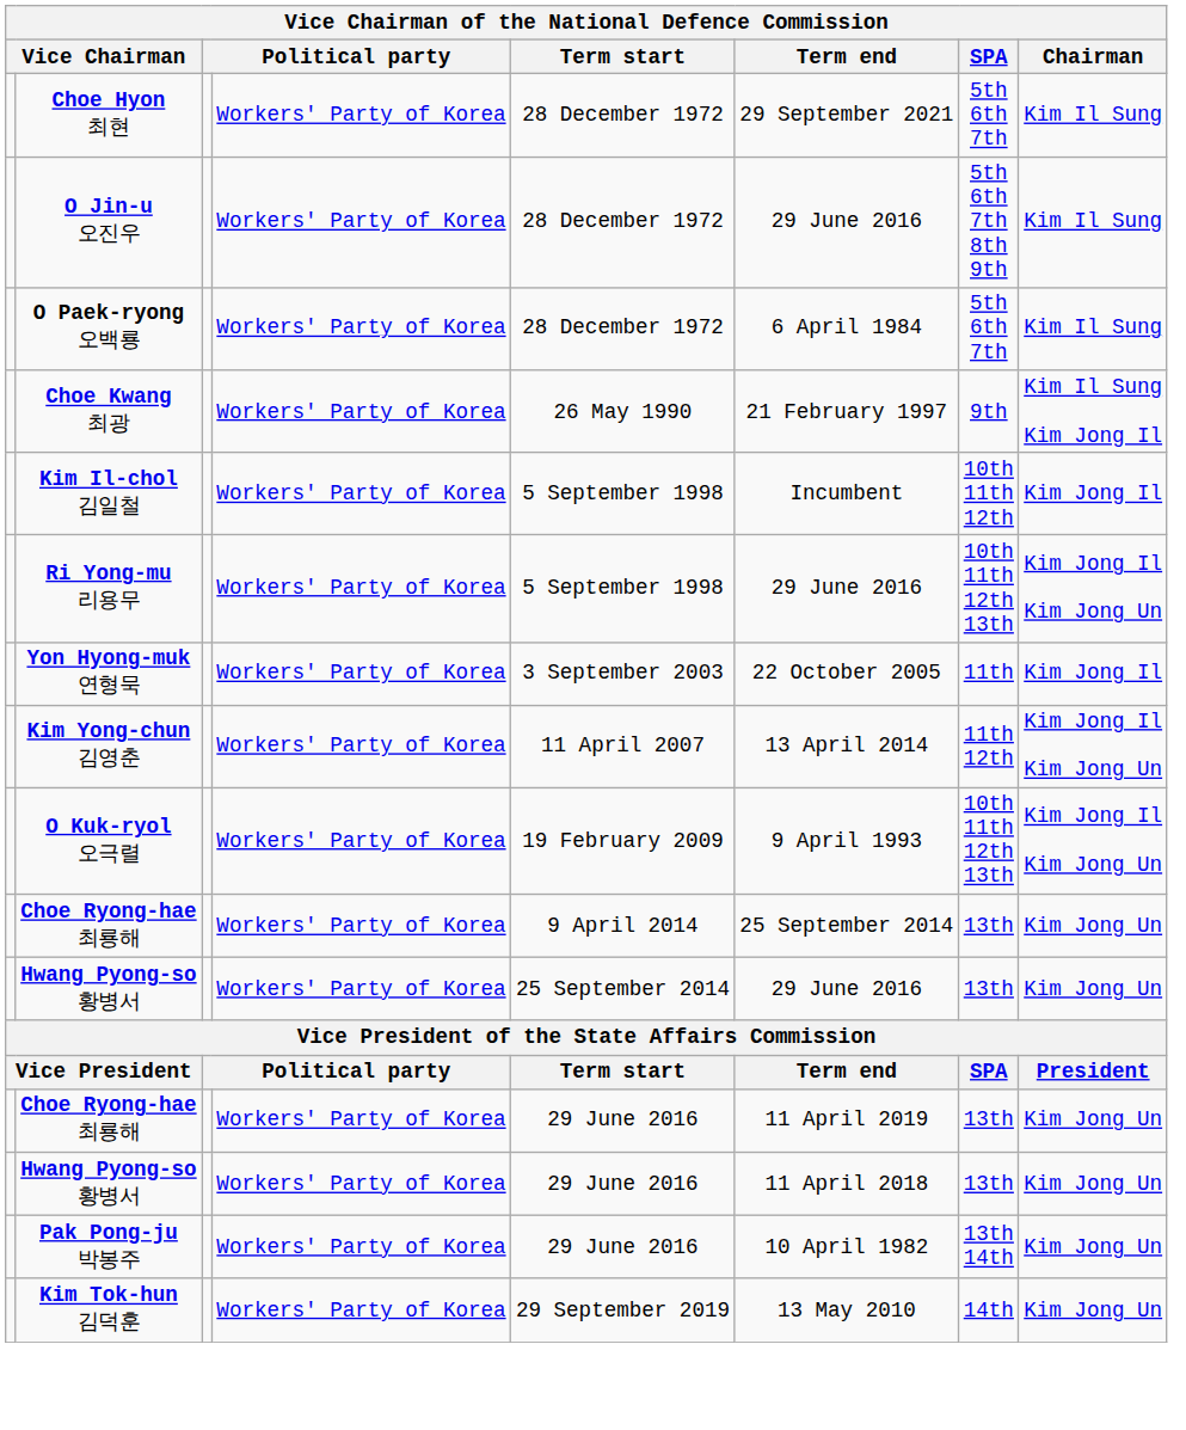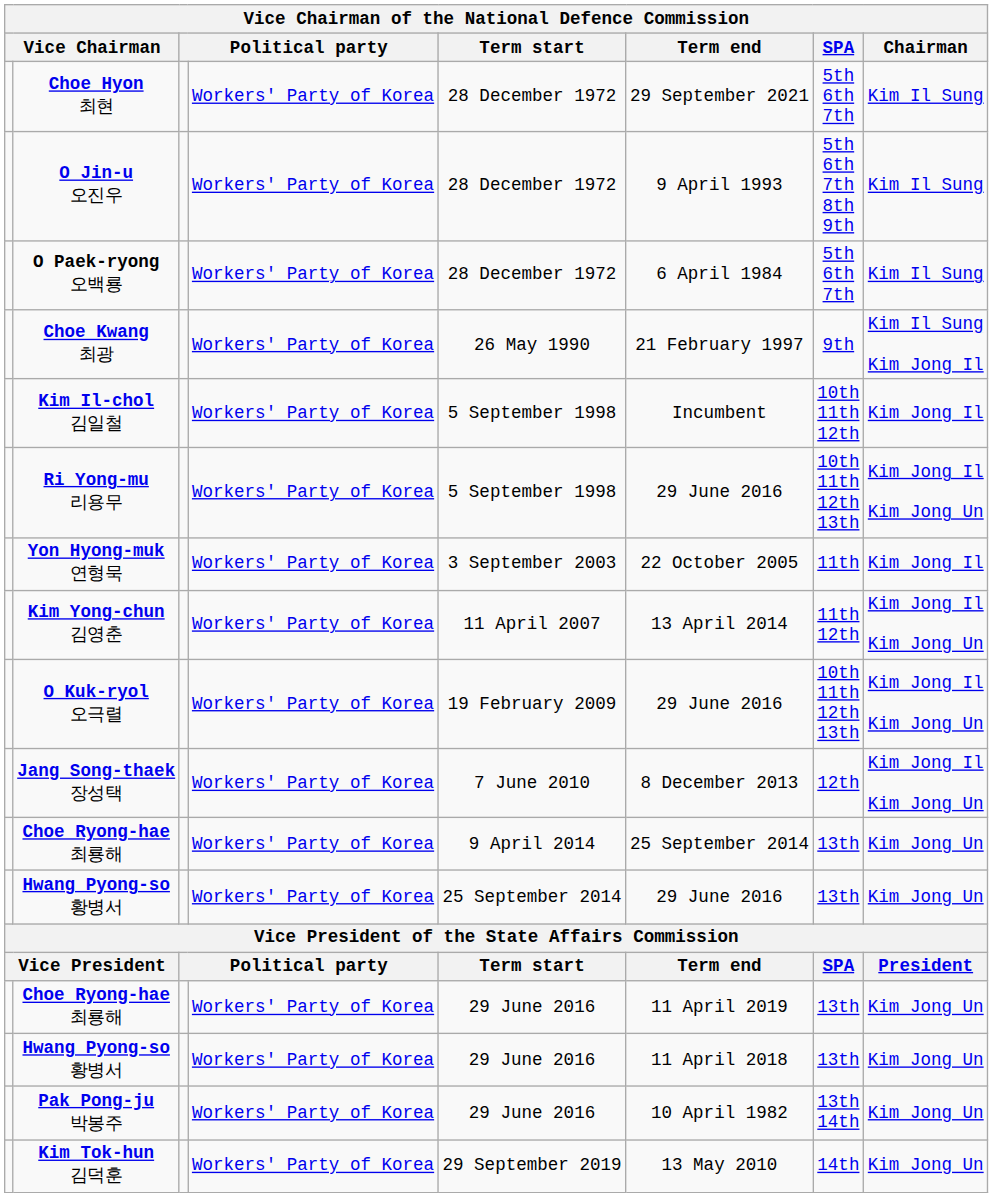 <table class="wikitable" style="text-align:center; border:1px #AAAAFF solid">
 <tr>
 <th colspan="8">Vice Chairman of the National Defence Commission<br></th>
 </tr>
 <tr style="background:#cccccc">
 <th colspan="2">Vice Chairman</th>
 <th colspan="2">Political party</th>
 <th>Term start</th>
 <th>Term end</th>
 <th><a href='#'>SPA</a></th>
 <th>Chairman</th>
 </tr>
 <tr>
 <td></td>
 <td><strong><a href='#'>Choe Hyon</a></strong><br>최현<br></td>
 <td style="background:"></td>
 <td><a href='#'>Workers' Party of Korea</a></td>
 <td>28 December 1972</td>
 <td>29 September 2021</td>
 <td><a href='#'>5th</a><br><a href='#'>6th</a><br><a href='#'>7th</a></td>
 <td><a href='#'>Kim Il Sung</a></td>
 </tr>
 <tr>
 <td></td>
 <td><strong><a href='#'>O Jin-u</a></strong><br>오진우<br></td>
 <td style="background:"></td>
 <td><a href='#'>Workers' Party of Korea</a></td>
 <td>28 December 1972</td>
-<td>29 June 2016</td>
+<td>9 April 1993</td>
 <td><a href='#'>5th</a><br><a href='#'>6th</a><br><a href='#'>7th</a><br><a href='#'>8th</a><br><a href='#'>9th</a></td>
 <td><a href='#'>Kim Il Sung</a></td>
 </tr>
 <tr>
 <td></td>
 <td><strong>O Paek-ryong</strong><br>오백룡<br></td>
 <td style="background:"></td>
 <td><a href='#'>Workers' Party of Korea</a></td>
 <td>28 December 1972</td>
 <td>6 April 1984</td>
 <td><a href='#'>5th</a><br><a href='#'>6th</a><br><a href='#'>7th</a></td>
 <td><a href='#'>Kim Il Sung</a></td>
 </tr>
 <tr>
 <td></td>
 <td><strong><a href='#'>Choe Kwang</a></strong><br>최광<br></td>
 <td style="background:"></td>
 <td><a href='#'>Workers' Party of Korea</a></td>
 <td>26 May 1990</td>
 <td>21 February 1997</td>
 <td><a href='#'>9th</a></td>
 <td><a href='#'>Kim Il Sung</a><br><br><a href='#'>Kim Jong Il</a><br></td>
 </tr>
 <tr>
 <td></td>
 <td><strong><a href='#'>Kim Il-chol</a></strong><br>김일철<br></td>
 <td style="background:"></td>
 <td><a href='#'>Workers' Party of Korea</a></td>
 <td>5 September 1998</td>
 <td>Incumbent</td>
 <td><a href='#'>10th</a><br><a href='#'>11th</a><br><a href='#'>12th</a></td>
 <td><a href='#'>Kim Jong Il</a></td>
 </tr>
 <tr>
 <td></td>
 <td><strong><a href='#'>Ri Yong-mu</a></strong><br>리용무<br></td>
 <td style="background:"></td>
 <td><a href='#'>Workers' Party of Korea</a></td>
 <td>5 September 1998</td>
 <td>29 June 2016</td>
 <td><a href='#'>10th</a><br><a href='#'>11th</a><br><a href='#'>12th</a><br><a href='#'>13th</a></td>
 <td><a href='#'>Kim Jong Il</a><br><br><a href='#'>Kim Jong Un</a><br></td>
 </tr>
 <tr>
 <td></td>
 <td><strong><a href='#'>Yon Hyong-muk</a></strong><br>연형묵<br></td>
 <td style="background:"></td>
 <td><a href='#'>Workers' Party of Korea</a></td>
 <td>3 September 2003</td>
 <td>22 October 2005</td>
 <td><a href='#'>11th</a></td>
 <td><a href='#'>Kim Jong Il</a></td>
 </tr>
 <tr>
 <td></td>
 <td><strong><a href='#'>Kim Yong-chun</a></strong><br>김영춘<br></td>
 <td style="background:"></td>
 <td><a href='#'>Workers' Party of Korea</a></td>
 <td>11 April 2007</td>
 <td>13 April 2014</td>
 <td><a href='#'>11th</a><br><a href='#'>12th</a></td>
 <td><a href='#'>Kim Jong Il</a><br><br><a href='#'>Kim Jong Un</a><br></td>
 </tr>
 <tr>
 <td></td>
 <td><strong><a href='#'>O Kuk-ryol</a></strong><br>오극렬<br></td>
 <td style="background:"></td>
 <td><a href='#'>Workers' Party of Korea</a></td>
 <td>19 February 2009</td>
-<td>9 April 1993</td>
+<td>29 June 2016</td>
 <td><a href='#'>10th</a><br><a href='#'>11th</a><br><a href='#'>12th</a><br><a href='#'>13th</a></td>
+<td><a href='#'>Kim Jong Il</a><br><br><a href='#'>Kim Jong Un</a><br></td>
+</tr>
+<tr>
+<td></td>
+<td><strong><a href='#'>Jang Song-thaek</a></strong><br>장성택<br></td>
+<td style="background:"></td>
+<td><a href='#'>Workers' Party of Korea</a></td>
+<td>7 June 2010</td>
+<td>8 December 2013</td>
+<td><a href='#'>12th</a></td>
 <td><a href='#'>Kim Jong Il</a><br><br><a href='#'>Kim Jong Un</a><br></td>
 </tr>
 <tr>
 <td></td>
 <td><strong><a href='#'>Choe Ryong-hae</a></strong><br>최룡해<br></td>
 <td style="background:"></td>
 <td><a href='#'>Workers' Party of Korea</a></td>
 <td>9 April 2014</td>
 <td>25 September 2014</td>
 <td><a href='#'>13th</a></td>
 <td><a href='#'>Kim Jong Un</a></td>
 </tr>
 <tr>
 <td></td>
 <td><strong><a href='#'>Hwang Pyong-so</a></strong><br>황병서<br></td>
 <td style="background:"></td>
 <td><a href='#'>Workers' Party of Korea</a></td>
 <td>25 September 2014</td>
 <td>29 June 2016</td>
 <td><a href='#'>13th</a></td>
 <td><a href='#'>Kim Jong Un</a></td>
 </tr>
 <tr>
 <th colspan="8">Vice President of the State Affairs Commission<br></th>
 </tr>
 <tr>
 <th colspan="2">Vice President</th>
 <th colspan="2">Political party</th>
 <th>Term start</th>
 <th>Term end</th>
 <th><a href='#'>SPA</a></th>
 <th><a href='#'>President</a></th>
 </tr>
 <tr>
 <td></td>
 <td><strong><a href='#'>Choe Ryong-hae</a></strong><br>최룡해<br></td>
 <td style="background:"></td>
 <td><a href='#'>Workers' Party of Korea</a></td>
 <td>29 June 2016</td>
 <td>11 April 2019</td>
 <td><a href='#'>13th</a></td>
 <td><a href='#'>Kim Jong Un</a></td>
 </tr>
 <tr>
 <td></td>
 <td><strong><a href='#'>Hwang Pyong-so</a></strong><br>황병서<br></td>
 <td style="background:"></td>
 <td><a href='#'>Workers' Party of Korea</a></td>
 <td>29 June 2016</td>
 <td>11 April 2018</td>
 <td><a href='#'>13th</a></td>
 <td><a href='#'>Kim Jong Un</a></td>
 </tr>
 <tr>
 <td></td>
 <td><strong><a href='#'>Pak Pong-ju</a></strong><br>박봉주<br></td>
 <td style="background:"></td>
 <td><a href='#'>Workers' Party of Korea</a></td>
 <td>29 June 2016</td>
 <td>10 April 1982</td>
 <td><a href='#'>13th</a><br><a href='#'>14th</a></td>
 <td><a href='#'>Kim Jong Un</a></td>
 </tr>
 <tr>
 <td></td>
 <td><strong><a href='#'>Kim Tok-hun</a></strong><br>김덕훈<br></td>
 <td style="background:"></td>
 <td><a href='#'>Workers' Party of Korea</a></td>
 <td>29 September 2019</td>
 <td>13 May 2010</td>
 <td><a href='#'>14th</a></td>
 <td><a href='#'>Kim Jong Un</a></td>
 </tr>
 </table>
